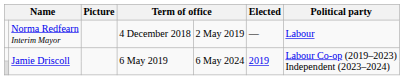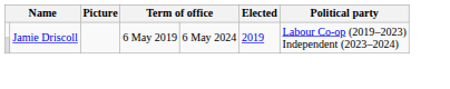 <table class="wikitable">
 <tr>
 <th colspan="2">Name</th>
 <th>Picture</th>
 <th colspan="2">Term of office</th>
 <th>Elected</th>
 <th>Political party</th>
-</tr>
-<tr>
-<td style="background-color: "></td>
-<td><a href='#'>Norma Redfearn</a><br><small><em>Interim Mayor</em></small></td>
-<td></td>
-<td>4 December 2018</td>
-<td>2 May 2019</td>
-<td>—</td>
-<td><a href='#'>Labour</a></td>
 </tr>
 <tr>
 <td style="background-color: "></td>
 <td rowspan="2"><a href='#'>Jamie Driscoll</a></td>
 <td rowspan="2"></td>
 <td rowspan="2">6 May 2019</td>
 <td rowspan="2">6 May 2024</td>
 <td rowspan="2"><a href='#'>2019</a></td>
 <td rowspan="2"><a href='#'>Labour Co-op</a> (2019–2023)<br>Independent (2023–2024)</td>
 </tr>
 <tr>
 <td style="background-color:#dddddd"></td>
 </tr>
 </table>
